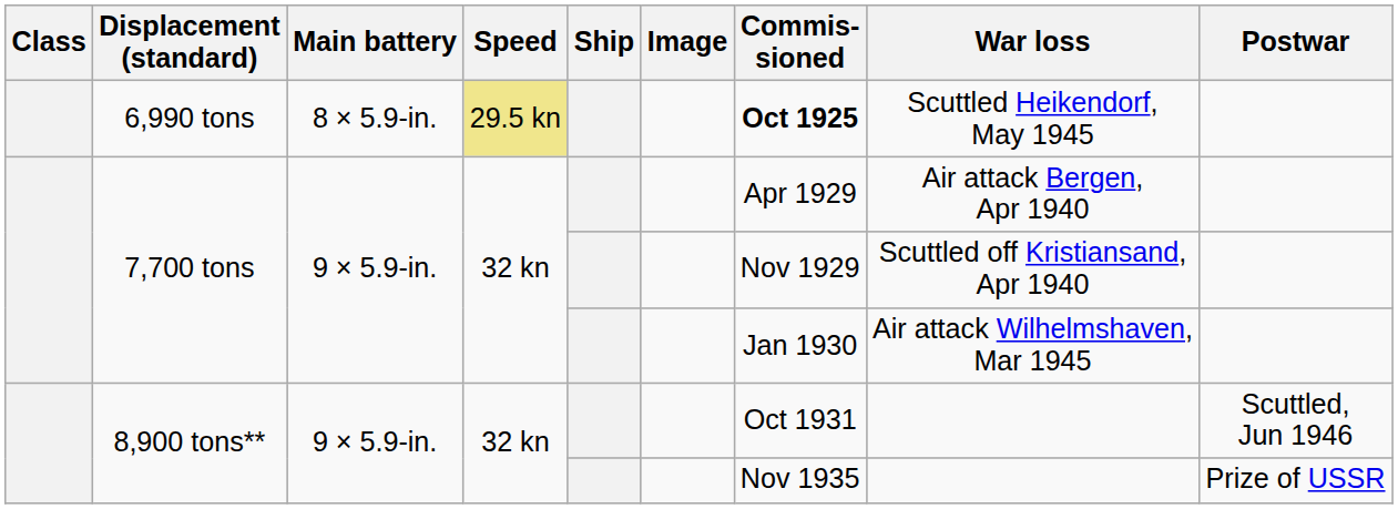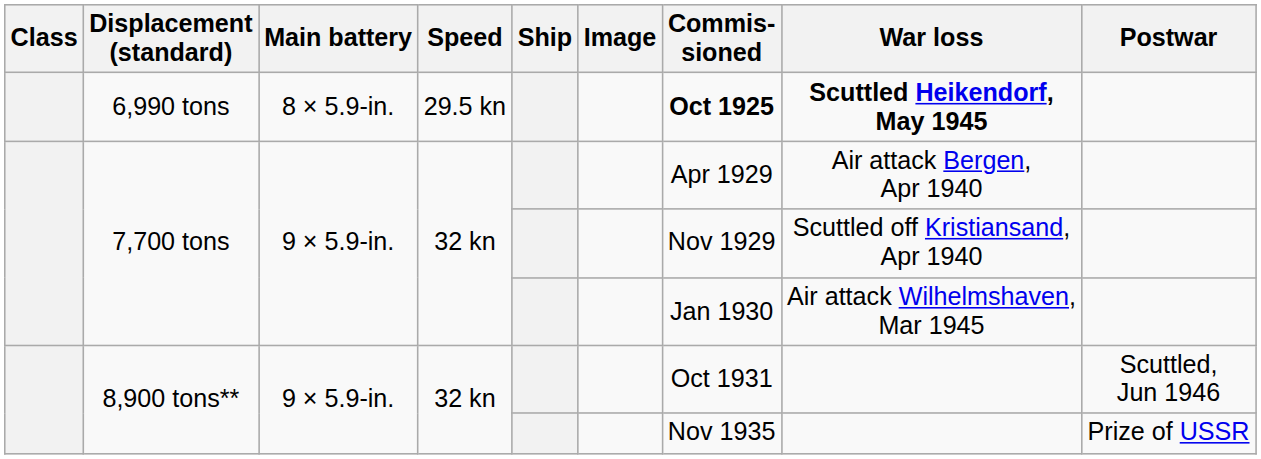 <table class="wikitable">
 <tr>
 <th>Class</th>
 <th>Displacement<br>(standard)</th>
 <th>Main battery</th>
 <th>Speed</th>
 <th>Ship</th>
 <th>Image</th>
 <th>Commis-<br>sioned</th>
 <th>War loss</th>
 <th>Postwar</th>
 </tr>
 <tr>
 <th scope="row"></th>
 <td scope="row" style="text-align: center">6,990 tons</td>
 <td scope="row" style="text-align: center">8 × 5.9-in.</td>
-<td scope="row" style="background: khaki; text-align: center">29.5 kn</td>
+<td scope="row" style="text-align: center">29.5 kn</td>
 <th scope="row" style="text-align: center"></th>
 <td></td>
 <td scope="row" style="text-align: center"><strong>Oct 1925</strong></td>
-<td scope="row" style="text-align: center">Scuttled <a href='#'>Heikendorf</a>,<br>May 1945</td>
+<td scope="row" style="text-align: center"><strong>Scuttled <a href='#'>Heikendorf</a>,<br>May 1945</strong></td>
 <td></td>
 </tr>
 <tr>
 <th scope="row" rowspan=3></th>
 <td scope="row" rowspan=3 style="text-align: center">7,700 tons</td>
 <td scope="row" rowspan=3 style="text-align: center">9 × 5.9-in.</td>
 <td scope="row" rowspan=3 style="text-align: center">32 kn</td>
 <th scope="row" style="text-align: center"></th>
 <td></td>
 <td scope="row" style="text-align: center">Apr 1929</td>
 <td scope="row" style="text-align: center">Air attack <a href='#'>Bergen</a>,<br>Apr 1940</td>
 <td></td>
 </tr>
 <tr>
 <th scope="row" style="text-align: center"></th>
 <td></td>
 <td scope="row" style="text-align: center">Nov 1929</td>
 <td scope="row" style="text-align: center">Scuttled off <a href='#'>Kristiansand</a>,<br>Apr 1940</td>
 <td></td>
 </tr>
 <tr>
 <th scope="row" style="text-align: center"></th>
 <td></td>
 <td scope="row" style="text-align: center">Jan 1930</td>
 <td scope="row" style="text-align: center">Air attack <a href='#'>Wilhelmshaven</a>,<br>Mar 1945</td>
 <td></td>
 </tr>
 <tr>
 <th scope="row" rowspan=2></th>
 <td scope="row" rowspan=2 style="text-align: center">8,900 tons**</td>
 <td scope="row" rowspan=2 style="text-align: center">9 × 5.9-in.</td>
 <td scope="row" rowspan=2 style="text-align: center">32 kn</td>
 <th scope="row" style="text-align: center"></th>
 <td></td>
 <td scope="row" style="text-align: center">Oct 1931</td>
 <td></td>
 <td scope="row" style="text-align: center">Scuttled,<br>Jun 1946</td>
 </tr>
 <tr>
 <th scope="row" style="text-align: center"></th>
 <td></td>
 <td scope="row" style="text-align: center">Nov 1935</td>
 <td></td>
 <td scope="row" style="text-align: center">Prize of <a href='#'>USSR</a></td>
 </tr>
 </table>
